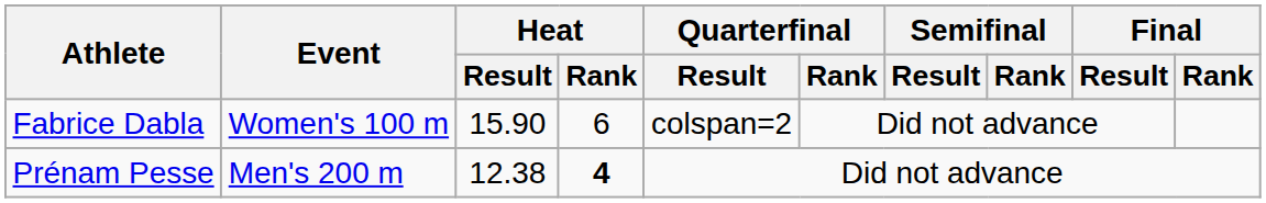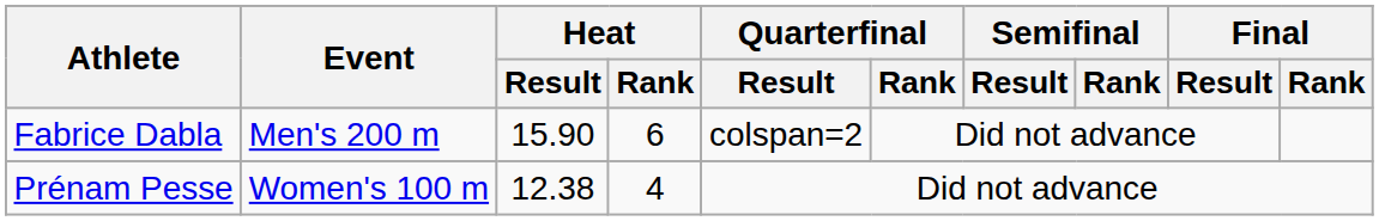 <table class="wikitable" style="font-size:90%">
 <tr>
 <th rowspan="2">Athlete</th>
 <th rowspan="2">Event</th>
 <th colspan="2">Heat</th>
 <th colspan="2">Quarterfinal</th>
 <th colspan="2">Semifinal</th>
 <th colspan="2">Final</th>
 </tr>
 <tr style="font-size:95%">
 <th>Result</th>
 <th>Rank</th>
 <th>Result</th>
 <th>Rank</th>
 <th>Result</th>
 <th>Rank</th>
 <th>Result</th>
 <th>Rank</th>
 </tr>
 <tr align=center>
 <td align=left><a href='#'>Fabrice Dabla</a></td>
-<td align=left><a href='#'>Women's 100 m</a></td>
+<td align=left><a href='#'>Men's 200 m</a></td>
 <td>15.90</td>
 <td>6</td>
 <td>colspan=2 </td>
 <td colspan=4>Did not advance</td>
 </tr>
 <tr align=center>
 <td align=left><a href='#'>Prénam Pesse</a></td>
-<td align=left><a href='#'>Men's 200 m</a></td>
+<td align=left><a href='#'>Women's 100 m</a></td>
 <td>12.38</td>
-<td><strong>4</strong></td>
+<td>4</td>
 <td colspan=6>Did not advance</td>
 </tr>
 </table>
